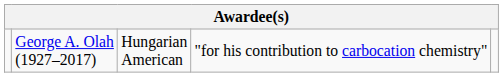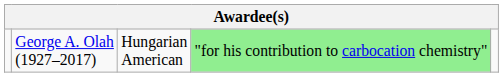 <table class="wikitable">
 <tr>
 <th colspan="5">Awardee(s)</th>
 </tr>
 <tr>
 <td></td>
 <td><a href='#'>George A. Olah</a><br>(1927–2017)</td>
 <td> Hungarian<br> American</td>
-<td>"for his contribution to <a href='#'>carbocation</a> chemistry"</td>
+<td style="background: lightgreen;">"for his contribution to <a href='#'>carbocation</a> chemistry"</td>
 <td></td>
 </tr>
 </table>
